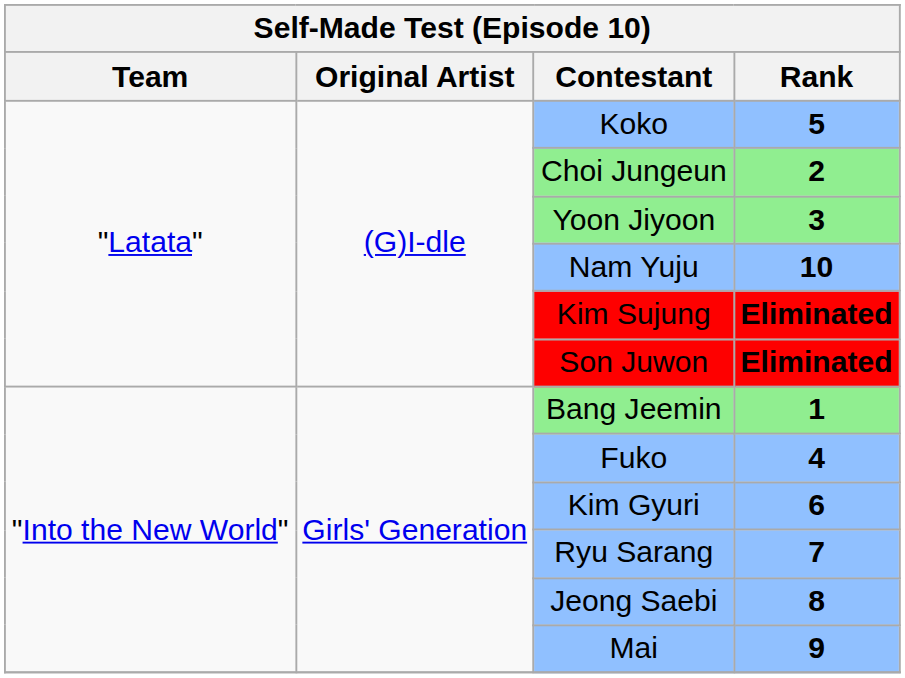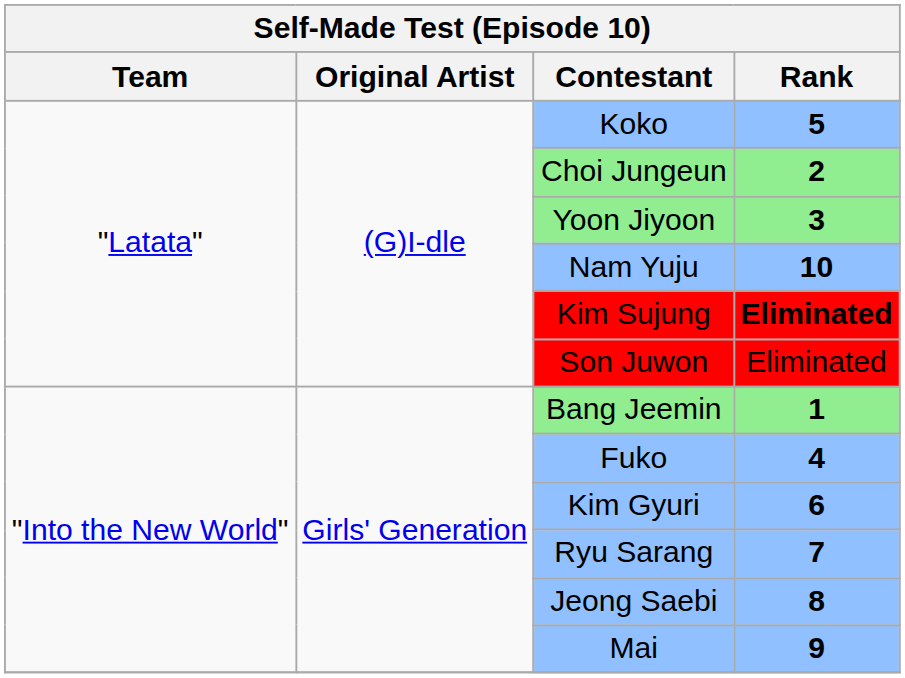 <table class="wikitable sortable" style="text-align:center">
 <tr>
 <th colspan="4">Self-Made Test (Episode 10)</th>
 </tr>
 <tr>
 <th class="unsortable">Team</th>
 <th class="unsortable">Original Artist</th>
 <th class="unsortable">Contestant</th>
 <th>Rank</th>
 </tr>
 <tr>
 <td rowspan="6">"<a href='#'>Latata</a>"</td>
 <td rowspan="6"><a href='#'>(G)I-dle</a></td>
 <td style="background:#90C0FF">Koko</td>
 <th style="background:#90C0FF">5</th>
 </tr>
 <tr>
 <td style="background:#90EE90">Choi Jungeun</td>
 <th style="background:#90EE90">2</th>
 </tr>
 <tr>
 <td style="background:#90EE90">Yoon Jiyoon</td>
 <th style="background:#90EE90">3</th>
 </tr>
 <tr>
 <td style="background:#90C0FF">Nam Yuju</td>
 <th style="background:#90C0FF">10</th>
 </tr>
 <tr>
 <td style="background:#FE0000">Kim Sujung</td>
 <td style="background:#FE0000"><strong>Eliminated</strong></td>
 </tr>
 <tr>
 <td style="background:#FE0000">Son Juwon</td>
-<td style="background:#FE0000"><strong>Eliminated</strong></td>
+<td style="background:#FE0000">Eliminated</td>
 </tr>
 <tr>
 <td rowspan="6">"<a href='#'>Into the New World</a>"</td>
 <td rowspan="6"><a href='#'>Girls' Generation</a></td>
 <td style="background:#90EE90">Bang Jeemin</td>
 <th style="background:#90EE90">1</th>
 </tr>
 <tr>
 <td style="background:#90C0FF">Fuko</td>
 <th style="background:#90C0FF">4</th>
 </tr>
 <tr>
 <td style="background:#90C0FF">Kim Gyuri</td>
 <th style="background:#90C0FF">6</th>
 </tr>
 <tr>
 <td style="background:#90C0FF">Ryu Sarang</td>
 <th style="background:#90C0FF">7</th>
 </tr>
 <tr>
 <td style="background:#90C0FF">Jeong Saebi</td>
 <th style="background:#90C0FF">8</th>
 </tr>
 <tr>
 <td style="background:#90C0FF">Mai</td>
 <th style="background:#90C0FF">9</th>
 </tr>
 <tr>
 </tr>
 </table>
